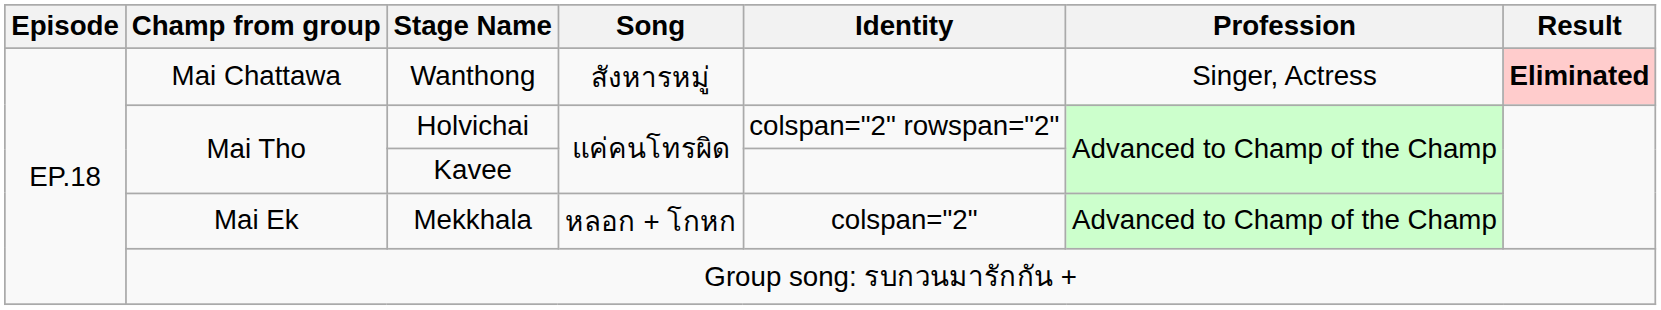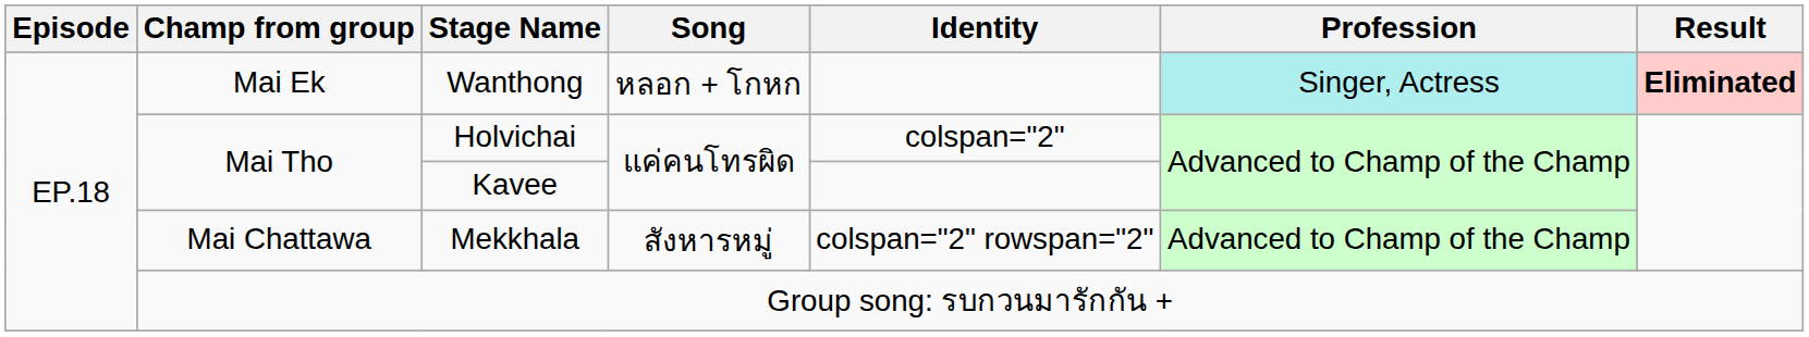 <table class="wikitable" style="text-align:center">
 <tr>
 <th>Episode</th>
 <th>Champ from group</th>
 <th>Stage Name</th>
 <th>Song</th>
 <th>Identity</th>
 <th>Profession</th>
 <th>Result</th>
 </tr>
 <tr>
 <td rowspan="5">EP.18</td>
-<td align="center">Mai Chattawa</td>
+<td>Mai Ek</td>
 <td>Wanthong</td>
-<td>สังหารหมู่</td>
+<td>หลอก + โกหก</td>
 <td></td>
-<td>Singer, Actress</td>
+<td style="background: paleturquoise;">Singer, Actress</td>
 <td style="text-align:center; background:#ffcccc;"><strong>Eliminated</strong></td>
 </tr>
 <tr>
 <td rowspan="2" align="center">Mai Tho</td>
 <td>Holvichai</td>
 <td rowspan="2">แค่คนโทรผิด</td>
-<td>colspan="2" rowspan="2" </td>
+<td>colspan="2"  </td>
 <td rowspan="2" style="text-align:center; background:#ccffcc;">Advanced to Champ of the Champ</td>
 </tr>
 <tr>
 <td>Kavee</td>
 </tr>
 <tr>
-<td>Mai Ek</td>
+<td align="center">Mai Chattawa</td>
 <td>Mekkhala</td>
-<td>หลอก + โกหก</td>
-<td>colspan="2"  </td>
+<td>สังหารหมู่</td>
+<td>colspan="2" rowspan="2" </td>
 <td style="text-align:center; background:#ccffcc;">Advanced to Champ of the Champ</td>
 </tr>
 <tr>
 <td colspan="7">Group song: รบกวนมารักกัน + </td>
 </tr>
 </table>
